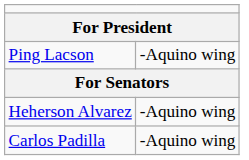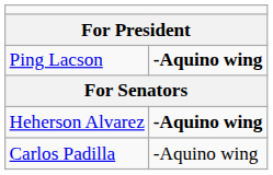 <table class=wikitable style="font-size:90%">
 <tr>
 <td colspan=4 bgcolor=></td>
 </tr>
 <tr>
 <th colspan=5>For President</th>
 </tr>
 <tr>
 <td><a href='#'>Ping Lacson</a></td>
-<td>-Aquino wing</td>
+<td><strong>-Aquino wing</strong></td>
 </tr>
 <tr>
 <th colspan=5>For Senators</th>
 </tr>
 <tr>
 <td><a href='#'>Heherson Alvarez</a></td>
-<td>-Aquino wing</td>
+<td><strong>-Aquino wing</strong></td>
 </tr>
 <tr>
 <td><a href='#'>Carlos Padilla</a></td>
 <td>-Aquino wing</td>
 </tr>
 </table>
